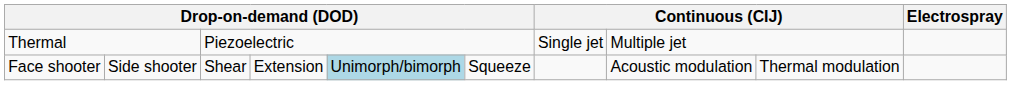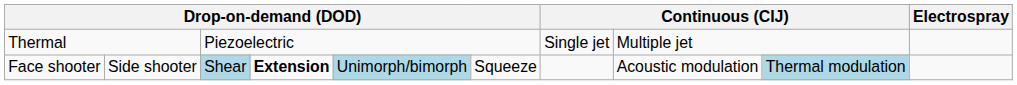 <table class="wikitable">
 <tr>
 <th colspan="6">Drop-on-demand (DOD)</th>
 <th colspan="3">Continuous (CIJ)</th>
 <th>Electrospray</th>
 </tr>
 <tr>
 <td colspan="2">Thermal</td>
 <td colspan="4">Piezoelectric</td>
 <td>Single jet</td>
 <td colspan="2">Multiple jet</td>
 <td></td>
 </tr>
 <tr>
 <td>Face shooter</td>
 <td>Side shooter</td>
-<td>Shear</td>
-<td>Extension</td>
+<td style="background: lightblue;">Shear</td>
+<td><strong>Extension</strong></td>
 <td style="background: lightblue;">Unimorph/bimorph</td>
 <td>Squeeze</td>
 <td></td>
 <td>Acoustic modulation</td>
-<td>Thermal modulation</td>
+<td style="background: lightblue;">Thermal modulation</td>
 <td></td>
 </tr>
 </table>
